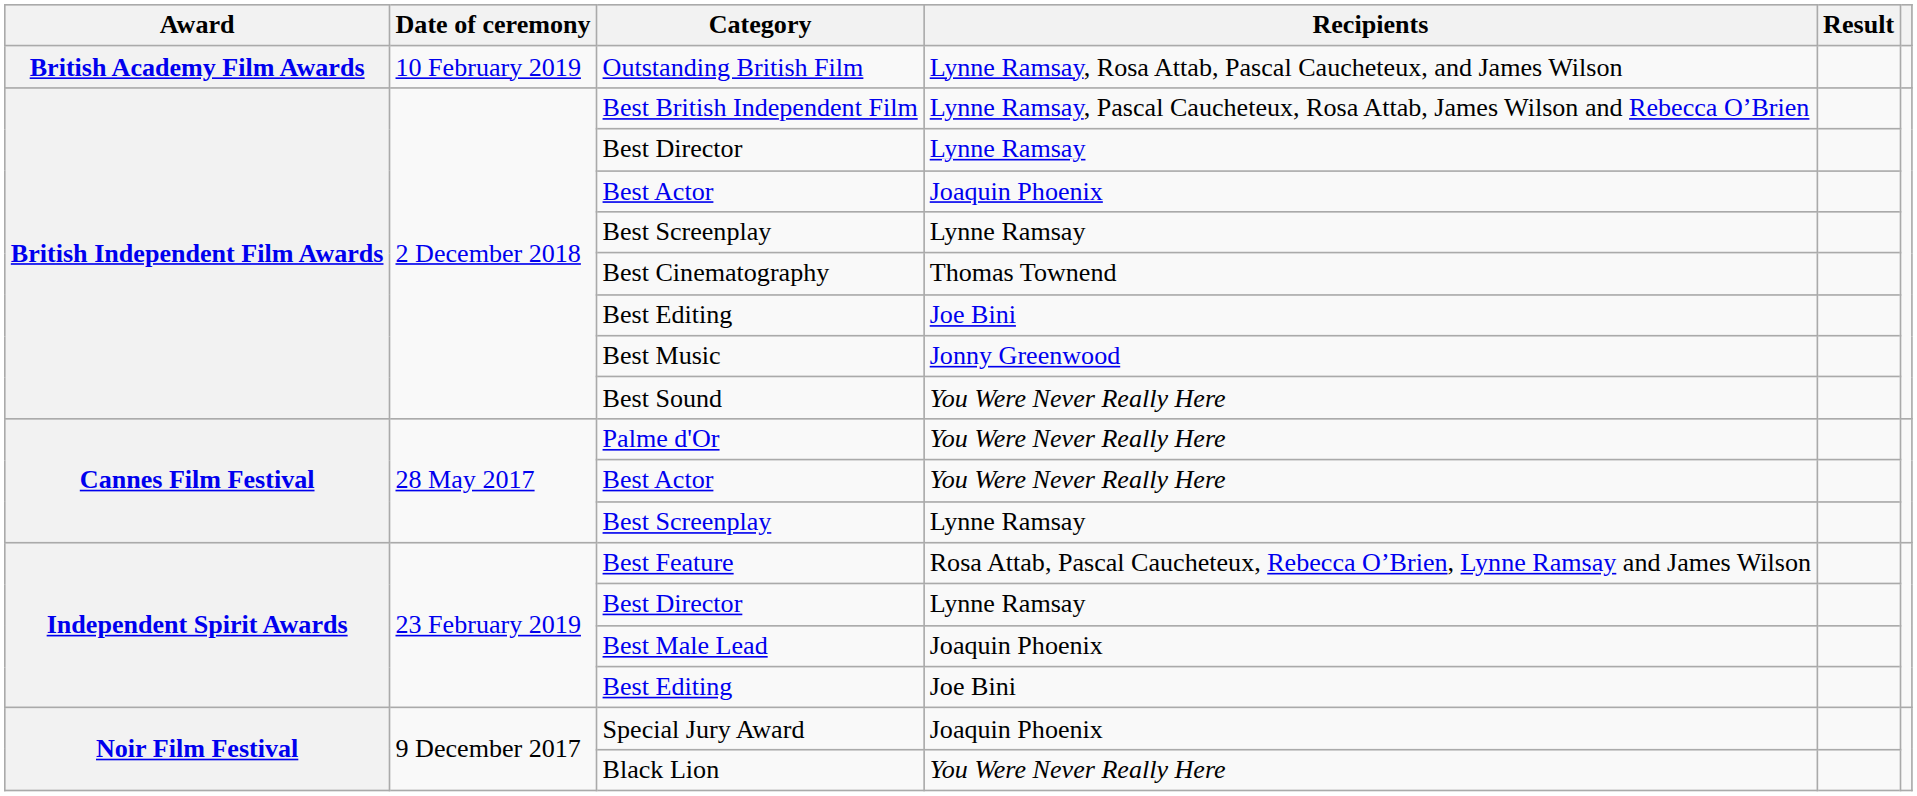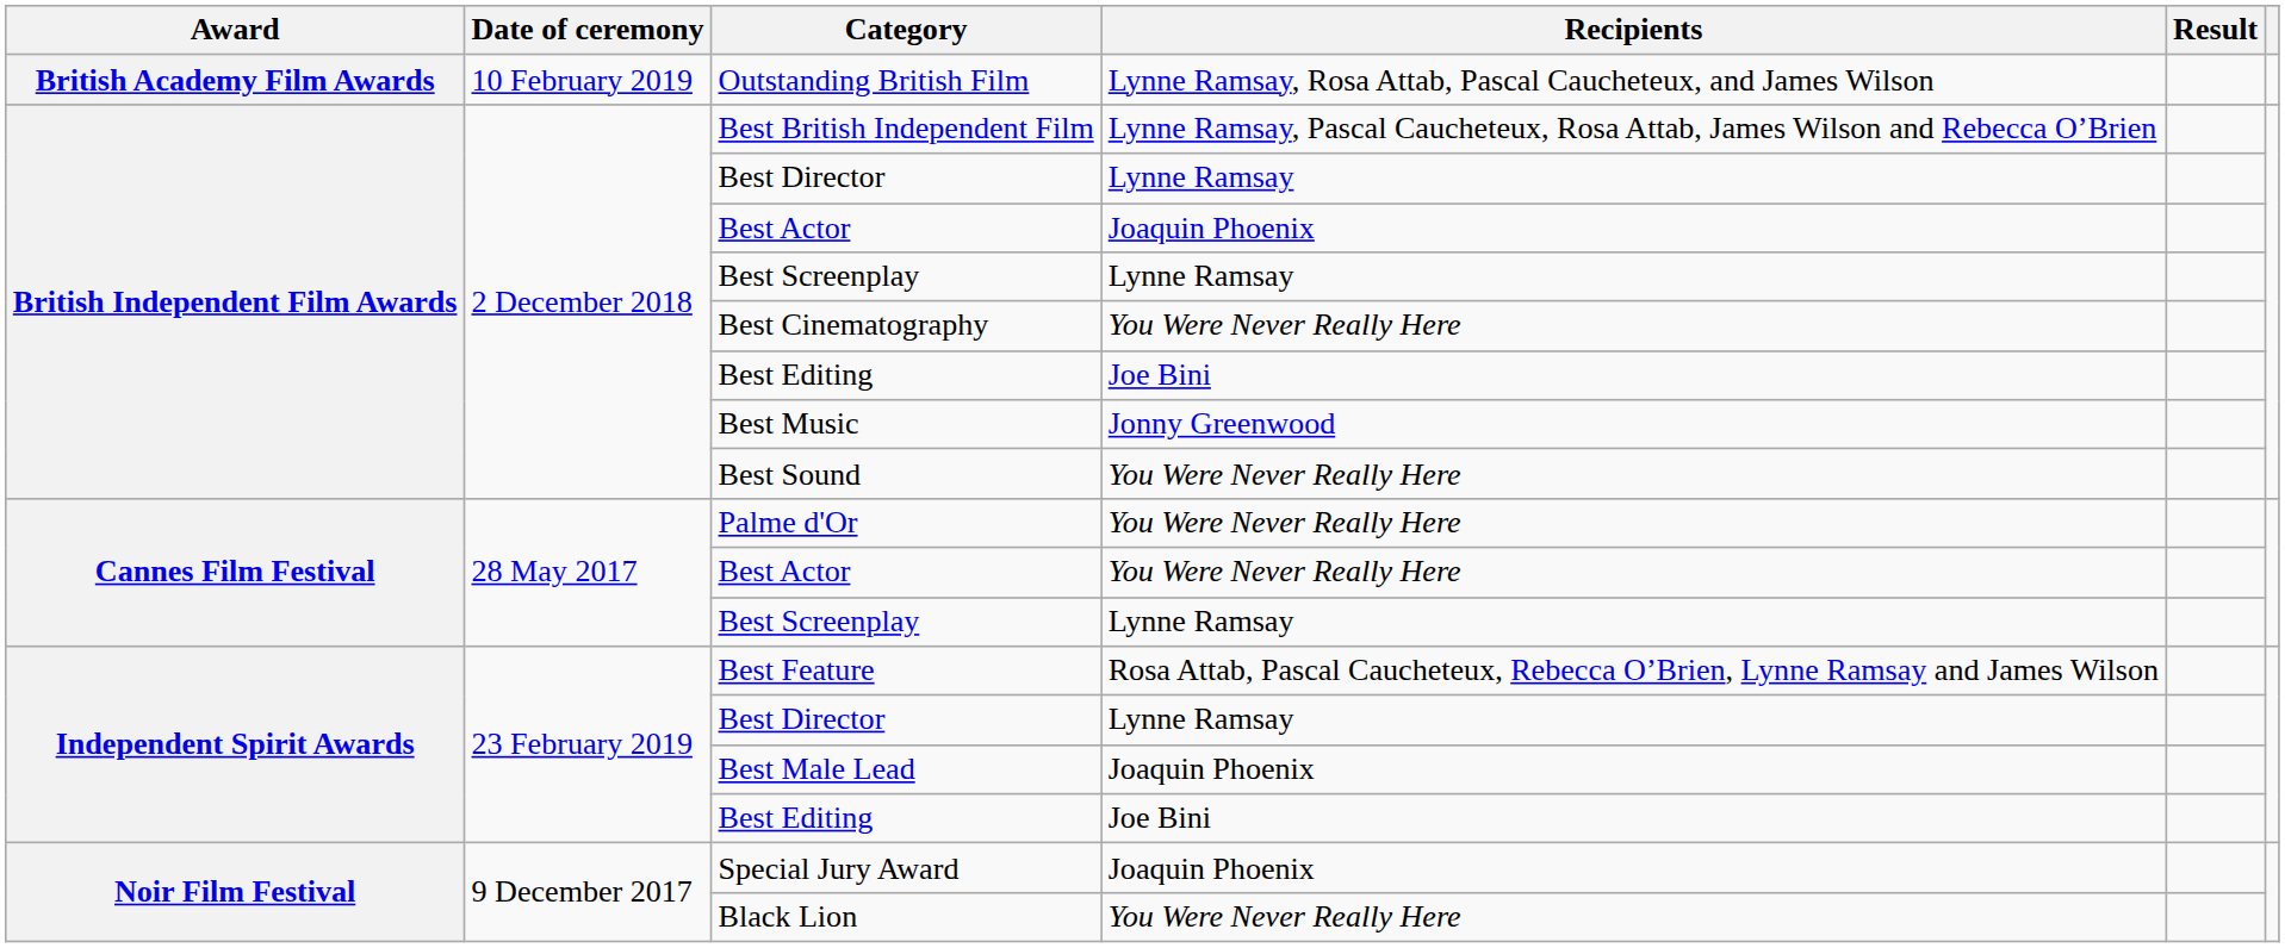 <table class="wikitable plainrowheaders sortable">
 <tr>
 <th scope="col">Award</th>
 <th scope="col">Date of ceremony</th>
 <th scope="col">Category</th>
 <th scope="col">Recipients</th>
 <th scope="col">Result</th>
 <th scope="col" class="unsortable"></th>
 </tr>
 <tr>
 <th scope="row"><a href='#'>British Academy Film Awards</a></th>
 <td><a href='#'>10 February 2019</a></td>
 <td><a href='#'>Outstanding British Film</a></td>
 <td><a href='#'>Lynne Ramsay</a>, Rosa Attab, Pascal Caucheteux, and James Wilson</td>
 <td></td>
 <td></td>
 </tr>
 <tr>
 <th scope="row" rowspan="8"><a href='#'>British Independent Film Awards</a></th>
 <td rowspan="8"><a href='#'>2 December 2018</a></td>
 <td><a href='#'>Best British Independent Film</a></td>
 <td><a href='#'>Lynne Ramsay</a>, Pascal Caucheteux, Rosa Attab, James Wilson and <a href='#'>Rebecca O’Brien</a></td>
 <td></td>
 <td rowspan="8" style="text-align:center;"></td>
 </tr>
 <tr>
 <td>Best Director</td>
 <td><a href='#'>Lynne Ramsay</a></td>
 <td></td>
 </tr>
 <tr>
 <td><a href='#'>Best Actor</a></td>
 <td><a href='#'>Joaquin Phoenix</a></td>
 <td></td>
 </tr>
 <tr>
 <td>Best Screenplay</td>
 <td>Lynne Ramsay</td>
 <td></td>
 </tr>
 <tr>
 <td>Best Cinematography</td>
-<td>Thomas Townend</td>
+<td><em>You Were Never Really Here</em></td>
 <td></td>
 </tr>
 <tr>
 <td>Best Editing</td>
 <td><a href='#'>Joe Bini</a></td>
 <td></td>
 </tr>
 <tr>
 <td>Best Music</td>
 <td><a href='#'>Jonny Greenwood</a></td>
 <td></td>
 </tr>
 <tr>
 <td>Best Sound</td>
 <td><em>You Were Never Really Here</em></td>
 <td></td>
 </tr>
 <tr>
 <th scope="row" rowspan="3"><a href='#'>Cannes Film Festival</a></th>
 <td rowspan="3"><a href='#'>28 May 2017</a></td>
 <td><a href='#'>Palme d'Or</a></td>
 <td><em>You Were Never Really Here</em></td>
 <td></td>
 <td rowspan="3" style="text-align:center;"></td>
 </tr>
 <tr>
 <td><a href='#'>Best Actor</a></td>
 <td><em>You Were Never Really Here</em></td>
 <td></td>
 </tr>
 <tr>
 <td><a href='#'>Best Screenplay</a></td>
 <td>Lynne Ramsay</td>
 <td></td>
 </tr>
 <tr>
 <th scope="row" rowspan=4><a href='#'>Independent Spirit Awards</a></th>
 <td rowspan=4><a href='#'>23 February 2019</a></td>
 <td><a href='#'>Best Feature</a></td>
 <td>Rosa Attab, Pascal Caucheteux, <a href='#'>Rebecca O’Brien</a>, <a href='#'>Lynne Ramsay</a> and James Wilson</td>
 <td></td>
 <td rowspan=4 style="text-align:center;"></td>
 </tr>
 <tr>
 <td><a href='#'>Best Director</a></td>
 <td>Lynne Ramsay</td>
 <td></td>
 </tr>
 <tr>
 <td><a href='#'>Best Male Lead</a></td>
 <td>Joaquin Phoenix</td>
 <td></td>
 </tr>
 <tr>
 <td><a href='#'>Best Editing</a></td>
 <td>Joe Bini</td>
 <td></td>
 </tr>
 <tr>
 <th scope="row" rowspan="2"><a href='#'>Noir Film Festival</a></th>
 <td rowspan="2">9 December 2017</td>
 <td>Special Jury Award</td>
 <td>Joaquin Phoenix</td>
 <td></td>
 <td rowspan="2" style="text-align:center;"></td>
 </tr>
 <tr>
 <td>Black Lion</td>
 <td><em>You Were Never Really Here</em></td>
 <td></td>
 </tr>
 </table>
